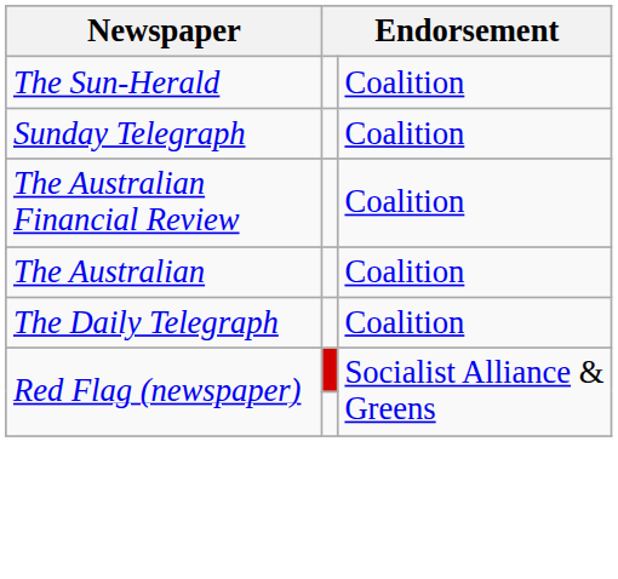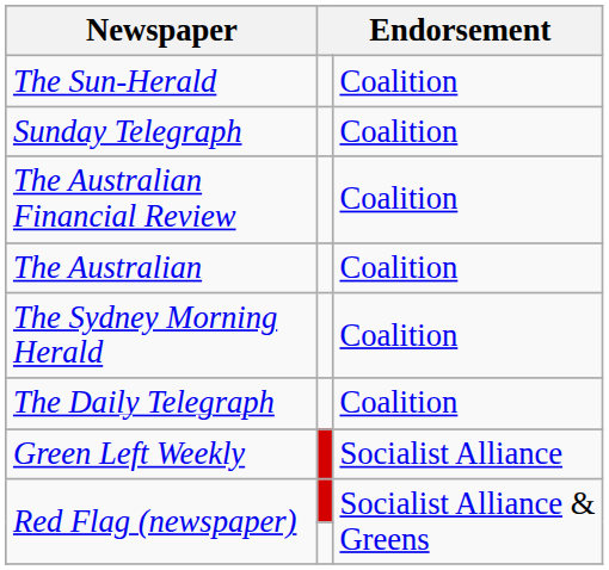 <table class="wikitable floatright">
 <tr>
 <th style="width:150px;">Newspaper</th>
 <th colspan=2>Endorsement</th>
 </tr>
 <tr>
 <td><em><a href='#'>The Sun-Herald</a></em></td>
 <td style="background-color: "></td>
 <td><a href='#'>Coalition</a></td>
 </tr>
 <tr>
 <td><em><a href='#'>Sunday Telegraph</a></em></td>
 <td style="background-color: "></td>
 <td><a href='#'>Coalition</a></td>
 </tr>
 <tr>
 <td><em><a href='#'>The Australian Financial Review</a></em></td>
 <td style="background-color: "></td>
 <td><a href='#'>Coalition</a></td>
 </tr>
 <tr>
 <td><em><a href='#'>The Australian</a></em></td>
 <td style="background-color: "></td>
 <td><a href='#'>Coalition</a></td>
 </tr>
 <tr>
+<td><em><a href='#'>The Sydney Morning Herald</a></em></td>
+<td style="background-color: "></td>
+<td><a href='#'>Coalition</a></td>
+</tr>
+<tr>
 <td><em><a href='#'>The Daily Telegraph</a></em></td>
 <td style="background-color: "></td>
 <td><a href='#'>Coalition</a></td>
+</tr>
+<tr>
+<td><em><a href='#'>Green Left Weekly</a></em></td>
+<td style="background-color: #D40000"></td>
+<td><a href='#'>Socialist Alliance</a></td>
 </tr>
 <tr>
 <td rowspan=2><em><a href='#'>Red Flag (newspaper)</a></em></td>
 <td style="background-color: #D40000"></td>
 <td rowspan=2><a href='#'>Socialist Alliance</a> &<br><a href='#'>Greens</a></td>
 </tr>
 <tr>
 <td style="background-color: "></td>
 </tr>
 </table>
